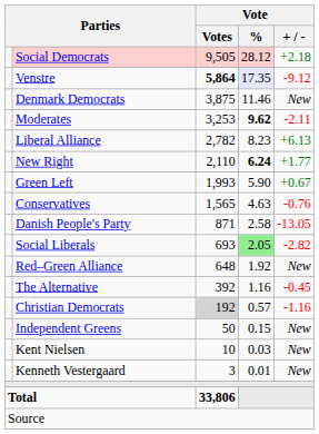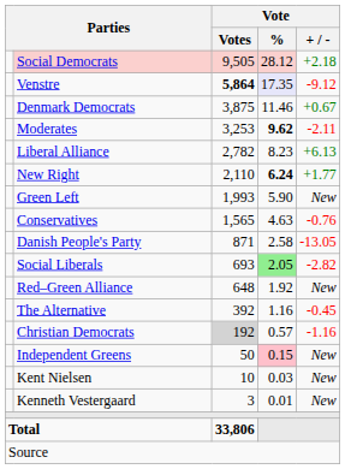 <table class="wikitable" style="text-align:right;">
 <tr>
 <th style="text-align:centre;" rowspan="2" colspan="2" width="225">Parties</th>
 <th colspan="3">Vote</th>
 </tr>
 <tr>
 <th width="15">Votes</th>
 <th width="15">%</th>
 <th width="15">+ / -</th>
 </tr>
 <tr>
 <td width="2" style="color:inherit;background:"></td>
 <td bgcolor=#fbd0ce  align="left"><a href='#'>Social Democrats</a></td>
 <td bgcolor=#fbd0ce>9,505</td>
 <td bgcolor=#fbd0ce>28.12</td>
 <td style=color:green;>+2.18</td>
 </tr>
 <tr>
 <td width="2" style="color:inherit;background:"></td>
 <td align="left"><a href='#'>Venstre</a></td>
 <td><strong>5,864</strong></td>
 <td style="background: lavender;">17.35</td>
 <td style=color:red;>-9.12</td>
 </tr>
 <tr>
 <td width="2" style="color:inherit;background:"></td>
 <td align="left"><a href='#'>Denmark Democrats</a></td>
 <td>3,875</td>
 <td>11.46</td>
-<td><em>New</em></td>
+<td style=color:green;>+0.67</td>
 </tr>
 <tr>
 <td width="2" style="color:inherit;background:"></td>
 <td align="left"><a href='#'>Moderates</a></td>
 <td>3,253</td>
 <td><strong>9.62</strong></td>
 <td style=color:red;>-2.11</td>
 </tr>
 <tr>
 <td width="2" style="color:inherit;background:"></td>
 <td align="left"><a href='#'>Liberal Alliance</a></td>
 <td>2,782</td>
 <td>8.23</td>
 <td style=color:green;>+6.13</td>
 </tr>
 <tr>
 <td width="2" style="color:inherit;background:"></td>
 <td align="left"><a href='#'>New Right</a></td>
 <td>2,110</td>
 <td><strong>6.24</strong></td>
 <td style=color:green;>+1.77</td>
 </tr>
 <tr>
 <td width="2" style="color:inherit;background:"></td>
 <td align="left"><a href='#'>Green Left</a></td>
 <td>1,993</td>
 <td>5.90</td>
-<td style=color:green;>+0.67</td>
+<td><em>New</em></td>
 </tr>
 <tr>
 <td width="2" style="color:inherit;background:"></td>
 <td align="left"><a href='#'>Conservatives</a></td>
 <td>1,565</td>
 <td>4.63</td>
 <td style=color:red;>-0.76</td>
 </tr>
 <tr>
 <td width="2" style="color:inherit;background:"></td>
 <td align="left"><a href='#'>Danish People's Party</a></td>
 <td>871</td>
 <td>2.58</td>
 <td style=color:red;>-13.05</td>
 </tr>
 <tr>
 <td width="2" style="color:inherit;background:"></td>
 <td align="left"><a href='#'>Social Liberals</a></td>
 <td>693</td>
 <td style="background: lightgreen;">2.05</td>
 <td style=color:red;>-2.82</td>
 </tr>
 <tr>
 <td width="2" style="color:inherit;background:"></td>
 <td align="left"><a href='#'>Red–Green Alliance</a></td>
 <td>648</td>
 <td>1.92</td>
 <td><em>New</em></td>
 </tr>
 <tr>
 <td width="2" style="color:inherit;background:"></td>
 <td align="left"><a href='#'>The Alternative</a></td>
 <td>392</td>
 <td>1.16</td>
 <td style=color:red;>-0.45</td>
 </tr>
 <tr>
 <td width="2" style="color:inherit;background:"></td>
 <td align="left"><a href='#'>Christian Democrats</a></td>
 <td style="background: lightgrey;">192</td>
 <td>0.57</td>
 <td style=color:red;>-1.16</td>
 </tr>
 <tr>
 <td width="2" style="color:inherit;background:"></td>
 <td align="left"><a href='#'>Independent Greens</a></td>
 <td>50</td>
-<td>0.15</td>
+<td style="background: pink;">0.15</td>
 <td><em>New</em></td>
 </tr>
 <tr>
 <td width="2" style="color:inherit;background:"></td>
 <td align="left">Kent Nielsen</td>
 <td>10</td>
 <td>0.03</td>
 <td><em>New</em></td>
 </tr>
 <tr>
 <td width="2" style="color:inherit;background:"></td>
 <td align="left">Kenneth Vestergaard</td>
 <td>3</td>
 <td>0.01</td>
 <td><em>New</em></td>
 </tr>
 <tr>
 <td colspan="7" bgcolor="#E9E9E9"></td>
 </tr>
 <tr>
 <td align="left" colspan="2"><strong>Total</strong></td>
 <td><strong>33,806</strong></td>
 <td bgcolor="#E9E9E9" colspan="2"></td>
 </tr>
 <tr>
 <td align="left" colspan="6">Source</td>
 </tr>
 </table>
